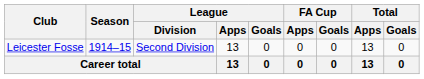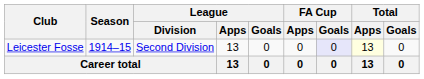 <table class="wikitable" style="text-align: center;">
 <tr>
 <th rowspan="2">Club</th>
 <th rowspan="2">Season</th>
 <th colspan="3">League</th>
 <th colspan="2">FA Cup</th>
 <th colspan="2">Total</th>
 </tr>
 <tr>
 <th>Division</th>
 <th>Apps</th>
 <th>Goals</th>
 <th>Apps</th>
 <th>Goals</th>
 <th>Apps</th>
 <th>Goals</th>
 </tr>
 <tr>
 <td><a href='#'>Leicester Fosse</a></td>
 <td><a href='#'>1914–15</a></td>
 <td><a href='#'>Second Division</a></td>
 <td>13</td>
 <td>0</td>
 <td>0</td>
-<td>0</td>
-<td>13</td>
+<td style="background: lavender;">0</td>
+<td style="background: lightyellow;">13</td>
 <td>0</td>
 </tr>
 <tr>
 <th colspan="3">Career total</th>
 <th>13</th>
 <th>0</th>
 <th>0</th>
 <th>0</th>
 <th>13</th>
 <th>0</th>
 </tr>
 </table>
